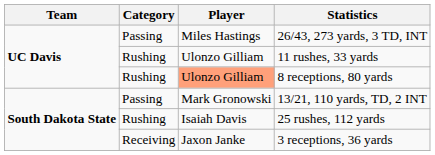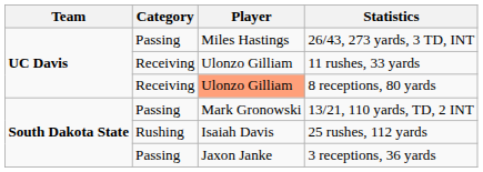 <table class="wikitable" style="float: left;">
 <tr>
 <th>Team</th>
 <th>Category</th>
 <th>Player</th>
 <th>Statistics</th>
 </tr>
 <tr>
 <td rowspan=3><strong>UC Davis</strong></td>
 <td>Passing</td>
 <td>Miles Hastings</td>
 <td>26/43, 273 yards, 3 TD, INT</td>
 </tr>
 <tr>
-<td>Rushing</td>
+<td>Receiving</td>
 <td>Ulonzo Gilliam</td>
 <td>11 rushes, 33 yards</td>
 </tr>
 <tr>
-<td>Rushing</td>
+<td>Receiving</td>
 <td style="background: lightsalmon;">Ulonzo Gilliam</td>
 <td>8 receptions, 80 yards</td>
 </tr>
 <tr>
 <td rowspan=3><strong>South Dakota State</strong></td>
 <td>Passing</td>
 <td>Mark Gronowski</td>
 <td>13/21, 110 yards, TD, 2 INT</td>
 </tr>
 <tr>
 <td>Rushing</td>
 <td>Isaiah Davis</td>
 <td>25 rushes, 112 yards</td>
 </tr>
 <tr>
-<td>Receiving</td>
+<td>Passing</td>
 <td>Jaxon Janke</td>
 <td>3 receptions, 36 yards</td>
 </tr>
 </table>
